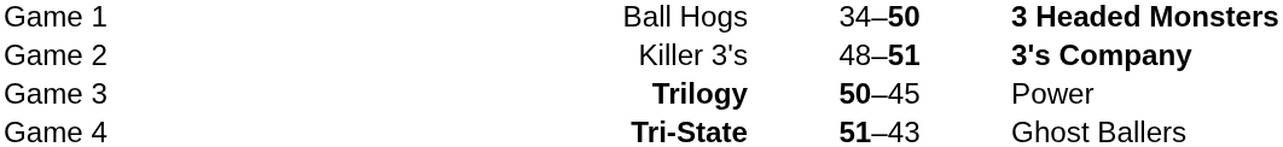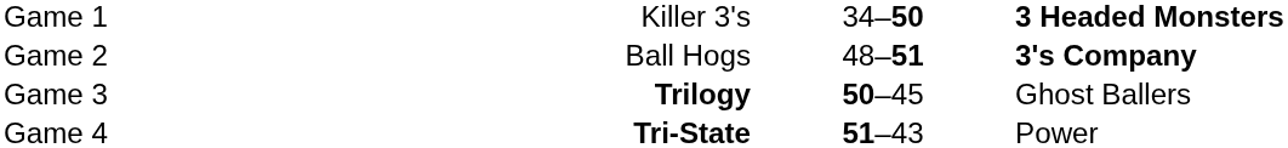 <table style="width:100%;" cellspacing="1">
 <tr>
 <th width=15%></th>
 <th width=25%></th>
 <th width=10%></th>
 <th width=25%></th>
 </tr>
 <tr style=font-size:90%>
 <td align=right>Game 1</td>
-<td align=right>Ball Hogs</td>
+<td align=right>Killer 3's</td>
 <td align=center>34–<strong>50</strong></td>
 <td><strong>3 Headed Monsters</strong></td>
 <td></td>
 </tr>
 <tr style=font-size:90%>
 <td align=right>Game 2</td>
-<td align=right>Killer 3's</td>
+<td align=right>Ball Hogs</td>
 <td align=center>48–<strong>51</strong></td>
 <td><strong>3's Company</strong></td>
 <td></td>
 </tr>
 <tr style=font-size:90%>
 <td align=right>Game 3</td>
 <td align=right><strong>Trilogy</strong></td>
 <td align=center><strong>50</strong>–45</td>
-<td>Power</td>
+<td>Ghost Ballers</td>
 <td></td>
 </tr>
 <tr style=font-size:90%>
 <td align=right>Game 4</td>
 <td align=right><strong>Tri-State</strong></td>
 <td align=center><strong>51</strong>–43</td>
-<td>Ghost Ballers</td>
+<td>Power</td>
 <td></td>
 </tr>
 </table>
